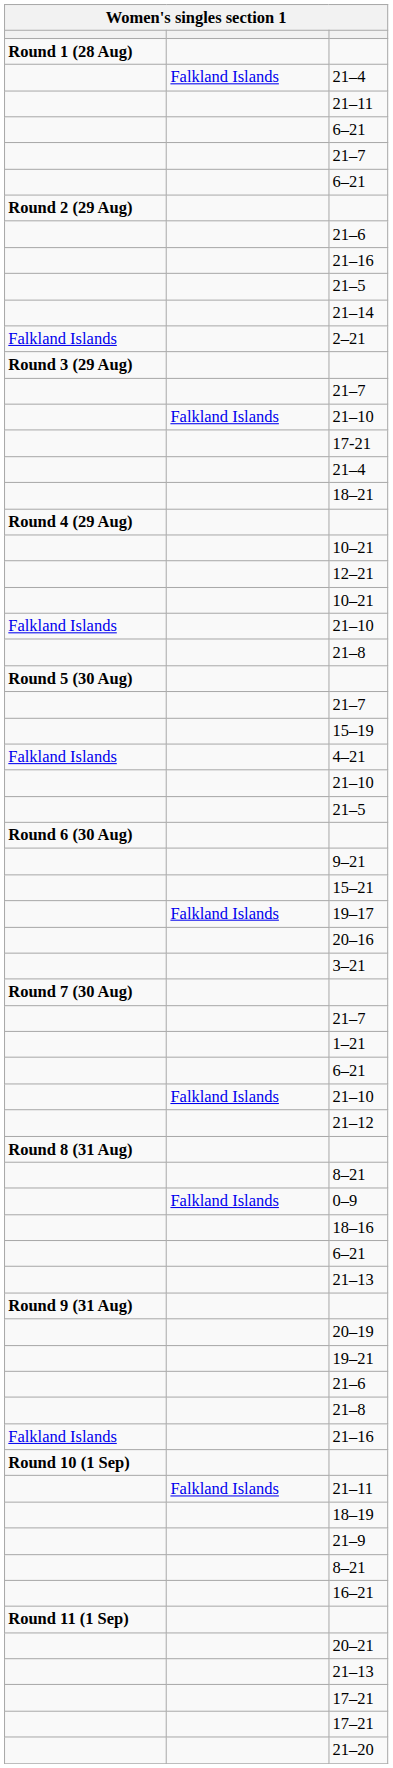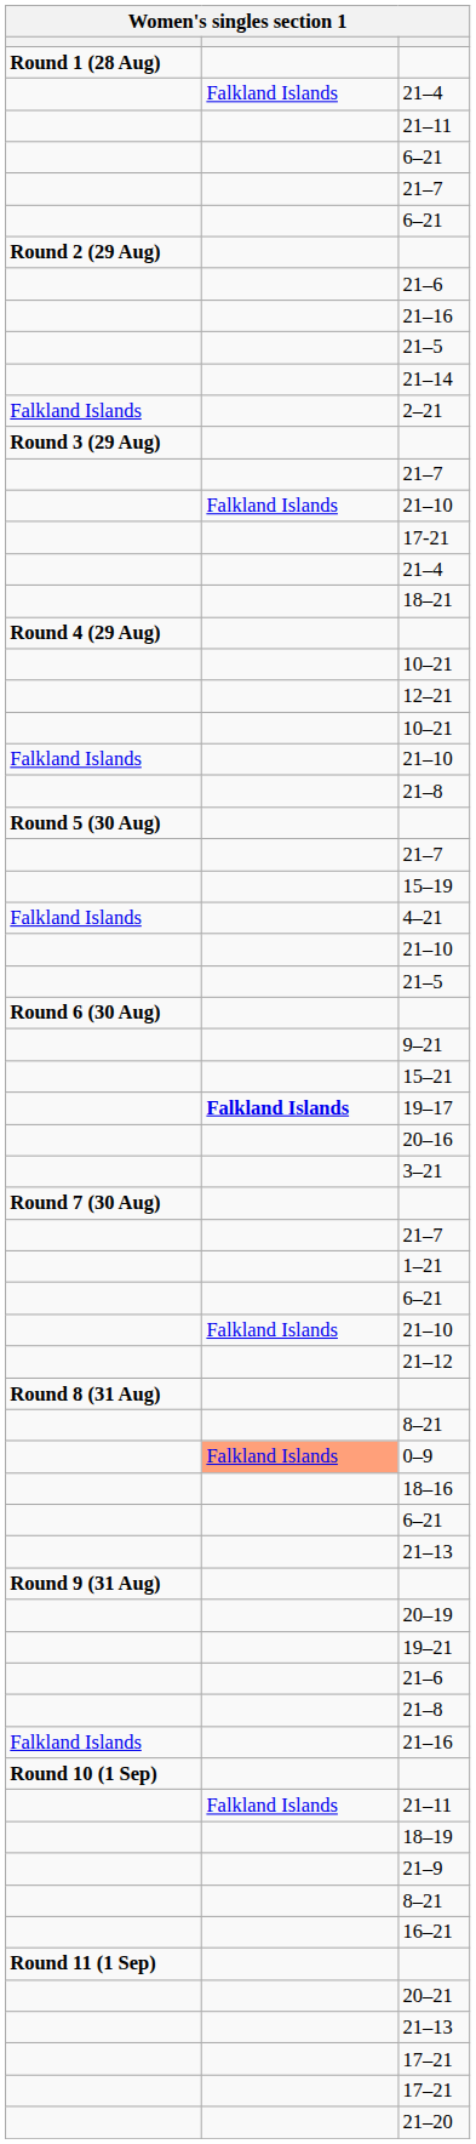 <table class="wikitable">
 <tr>
 <th colspan="3">Women's singles section 1</th>
 </tr>
 <tr>
 <th width=150></th>
 <th width=150></th>
 <th width=50></th>
 </tr>
 <tr>
 <td><strong>Round 1 (28 Aug)</strong></td>
 <td></td>
 <td></td>
 </tr>
 <tr>
 <td></td>
 <td> <a href='#'>Falkland Islands</a></td>
 <td>21–4</td>
 </tr>
 <tr>
 <td></td>
 <td></td>
 <td>21–11</td>
 </tr>
 <tr>
 <td></td>
 <td></td>
 <td>6–21</td>
 </tr>
 <tr>
 <td></td>
 <td></td>
 <td>21–7</td>
 </tr>
 <tr>
 <td></td>
 <td></td>
 <td>6–21</td>
 </tr>
 <tr>
 <td><strong>Round 2 (29 Aug)</strong></td>
 <td></td>
 <td></td>
 </tr>
 <tr>
 <td></td>
 <td></td>
 <td>21–6</td>
 </tr>
 <tr>
 <td></td>
 <td></td>
 <td>21–16</td>
 </tr>
 <tr>
 <td></td>
 <td></td>
 <td>21–5</td>
 </tr>
 <tr>
 <td></td>
 <td></td>
 <td>21–14</td>
 </tr>
 <tr>
 <td> <a href='#'>Falkland Islands</a></td>
 <td></td>
 <td>2–21</td>
 </tr>
 <tr>
 <td><strong>Round 3 (29 Aug)</strong></td>
 <td></td>
 <td></td>
 </tr>
 <tr>
 <td></td>
 <td></td>
 <td>21–7</td>
 </tr>
 <tr>
 <td></td>
 <td> <a href='#'>Falkland Islands</a></td>
 <td>21–10</td>
 </tr>
 <tr>
 <td></td>
 <td></td>
 <td>17-21</td>
 </tr>
 <tr>
 <td></td>
 <td></td>
 <td>21–4</td>
 </tr>
 <tr>
 <td></td>
 <td></td>
 <td>18–21</td>
 </tr>
 <tr>
 <td><strong>Round 4 (29 Aug)</strong></td>
 <td></td>
 <td></td>
 </tr>
 <tr>
 <td></td>
 <td></td>
 <td>10–21</td>
 </tr>
 <tr>
 <td></td>
 <td></td>
 <td>12–21</td>
 </tr>
 <tr>
 <td></td>
 <td></td>
 <td>10–21</td>
 </tr>
 <tr>
 <td> <a href='#'>Falkland Islands</a></td>
 <td></td>
 <td>21–10</td>
 </tr>
 <tr>
 <td></td>
 <td></td>
 <td>21–8</td>
 </tr>
 <tr>
 <td><strong>Round 5 (30 Aug)</strong></td>
 <td></td>
 <td></td>
 </tr>
 <tr>
 <td></td>
 <td></td>
 <td>21–7</td>
 </tr>
 <tr>
 <td></td>
 <td></td>
 <td>15–19</td>
 </tr>
 <tr>
 <td> <a href='#'>Falkland Islands</a></td>
 <td></td>
 <td>4–21</td>
 </tr>
 <tr>
 <td></td>
 <td></td>
 <td>21–10</td>
 </tr>
 <tr>
 <td></td>
 <td></td>
 <td>21–5</td>
 </tr>
 <tr>
 <td><strong>Round 6  (30 Aug)</strong></td>
 <td></td>
 <td></td>
 </tr>
 <tr>
 <td></td>
 <td></td>
 <td>9–21</td>
 </tr>
 <tr>
 <td></td>
 <td></td>
 <td>15–21</td>
 </tr>
 <tr>
 <td></td>
-<td> <a href='#'>Falkland Islands</a></td>
+<td><strong> <a href='#'>Falkland Islands</a></strong></td>
 <td>19–17</td>
 </tr>
 <tr>
 <td></td>
 <td></td>
 <td>20–16</td>
 </tr>
 <tr>
 <td></td>
 <td></td>
 <td>3–21</td>
 </tr>
 <tr>
 <td><strong>Round 7 (30 Aug)</strong></td>
 <td></td>
 <td></td>
 </tr>
 <tr>
 <td></td>
 <td></td>
 <td>21–7</td>
 </tr>
 <tr>
 <td></td>
 <td></td>
 <td>1–21</td>
 </tr>
 <tr>
 <td></td>
 <td></td>
 <td>6–21</td>
 </tr>
 <tr>
 <td></td>
 <td> <a href='#'>Falkland Islands</a></td>
 <td>21–10</td>
 </tr>
 <tr>
 <td></td>
 <td></td>
 <td>21–12</td>
 </tr>
 <tr>
 <td><strong>Round 8 (31 Aug)</strong></td>
 <td></td>
 <td></td>
 </tr>
 <tr>
 <td></td>
 <td></td>
 <td>8–21</td>
 </tr>
 <tr>
 <td></td>
-<td> <a href='#'>Falkland Islands</a></td>
+<td style="background: lightsalmon;"> <a href='#'>Falkland Islands</a></td>
 <td>0–9</td>
 </tr>
 <tr>
 <td></td>
 <td></td>
 <td>18–16</td>
 </tr>
 <tr>
 <td></td>
 <td></td>
 <td>6–21</td>
 </tr>
 <tr>
 <td></td>
 <td></td>
 <td>21–13</td>
 </tr>
 <tr>
 <td><strong>Round 9 (31 Aug)</strong></td>
 <td></td>
 <td></td>
 </tr>
 <tr>
 <td></td>
 <td></td>
 <td>20–19</td>
 </tr>
 <tr>
 <td></td>
 <td></td>
 <td>19–21</td>
 </tr>
 <tr>
 <td></td>
 <td></td>
 <td>21–6</td>
 </tr>
 <tr>
 <td></td>
 <td></td>
 <td>21–8</td>
 </tr>
 <tr>
 <td> <a href='#'>Falkland Islands</a></td>
 <td></td>
 <td>21–16</td>
 </tr>
 <tr>
 <td><strong>Round 10 (1 Sep)</strong></td>
 <td></td>
 <td></td>
 </tr>
 <tr>
 <td></td>
 <td> <a href='#'>Falkland Islands</a></td>
 <td>21–11</td>
 </tr>
 <tr>
 <td></td>
 <td></td>
 <td>18–19</td>
 </tr>
 <tr>
 <td></td>
 <td></td>
 <td>21–9</td>
 </tr>
 <tr>
 <td></td>
 <td></td>
 <td>8–21</td>
 </tr>
 <tr>
 <td></td>
 <td></td>
 <td>16–21</td>
 </tr>
 <tr>
 <td><strong>Round 11 (1 Sep)</strong></td>
 <td></td>
 <td></td>
 </tr>
 <tr>
 <td></td>
 <td></td>
 <td>20–21</td>
 </tr>
 <tr>
 <td></td>
 <td></td>
 <td>21–13</td>
 </tr>
 <tr>
 <td></td>
 <td></td>
 <td>17–21</td>
 </tr>
 <tr>
 <td></td>
 <td></td>
 <td>17–21</td>
 </tr>
 <tr>
 <td></td>
 <td></td>
 <td>21–20</td>
 </tr>
 </table>
